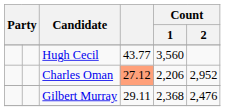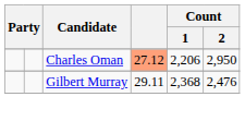 <table class="wikitable sortable" style="font-size: 95%;">
 <tr>
 <th rowspan=2 colspan=2>Party</th>
 <th rowspan=2>Candidate</th>
 <th rowspan=2></th>
 <th colspan=2>Count</th>
 </tr>
 <tr>
 <th>1</th>
 <th>2</th>
 </tr>
 <tr>
 </tr>
 <tr>
 <td style="background-color: "></td>
 <td><a href='#'></a></td>
-<td><a href='#'>Hugh Cecil</a></td>
-<td style="text-align:right;">43.77</td>
-<td style="text-align:right;">3,560</td>
-<td style="text-align:right;"> </td>
-</tr>
-<tr>
-<td style="background-color: "></td>
-<td><a href='#'></a></td>
 <td><a href='#'>Charles Oman</a></td>
 <td style="background: lightsalmon; text-align:right;">27.12</td>
 <td style="text-align:right;">2,206</td>
-<td style="text-align:right;">2,952</td>
+<td style="text-align:right;">2,950</td>
 </tr>
 <tr>
 </tr>
 <tr>
 <td style="background-color: "></td>
 <td><a href='#'></a></td>
 <td><a href='#'>Gilbert Murray</a></td>
 <td style="text-align:right;">29.11</td>
 <td style="text-align:right;">2,368</td>
 <td style="text-align:right;">2,476</td>
 </tr>
 <tr>
 </tr>
 </table>
